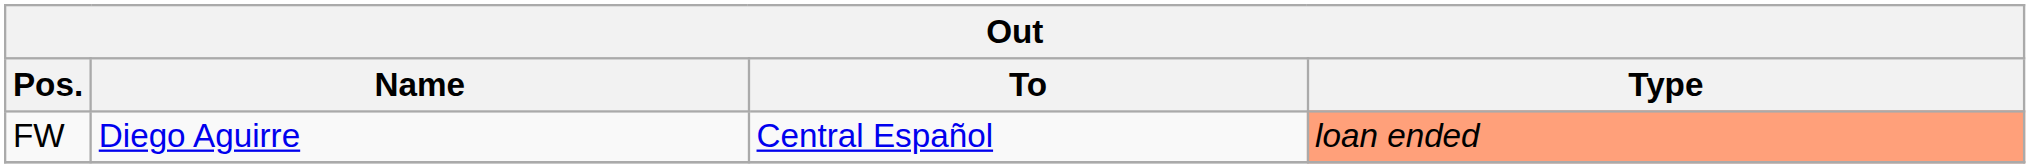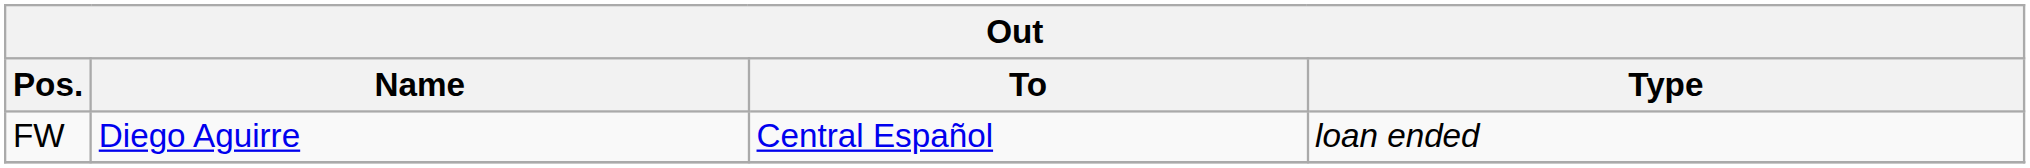 <table class="wikitable" style="font-size:90%;width:99%;">
 <tr>
 <th colspan="4">Out</th>
 </tr>
 <tr>
 <th width=3%>Pos.</th>
 <th width=33%>Name</th>
 <th width=28%>To</th>
 <th width=36%>Type</th>
 </tr>
 <tr>
 <td>FW</td>
 <td><a href='#'>Diego Aguirre</a></td>
 <td><a href='#'>Central Español</a></td>
-<td style="background: lightsalmon;"><em>loan ended</em></td>
+<td><em>loan ended</em></td>
 </tr>
 <tr>
 </tr>
 </table>
